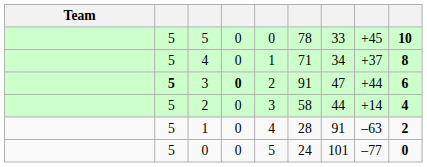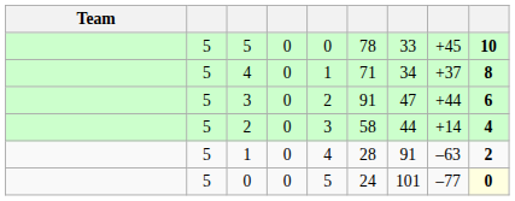 <table class="wikitable" style="text-align:center; font-size:95%;">
 <tr>
 <th width=160>Team</th>
 <th width=30></th>
 <th width=30></th>
 <th width=30></th>
 <th width=30></th>
 <th width=30></th>
 <th width=30></th>
 <th width=30></th>
 <th width=30></th>
 </tr>
 <tr bgcolor=#ccffcc>
 <td align=left></td>
 <td>5</td>
 <td>5</td>
 <td>0</td>
 <td>0</td>
 <td>78</td>
 <td>33</td>
 <td>+45</td>
 <td><strong>10</strong></td>
 </tr>
 <tr bgcolor=#ccffcc>
 <td align=left></td>
 <td>5</td>
 <td>4</td>
 <td>0</td>
 <td>1</td>
 <td>71</td>
 <td>34</td>
 <td>+37</td>
 <td><strong>8</strong></td>
 </tr>
 <tr bgcolor=#ccffcc>
 <td align=left></td>
-<td><strong>5</strong></td>
+<td>5</td>
 <td>3</td>
-<td><strong>0</strong></td>
+<td>0</td>
 <td>2</td>
 <td>91</td>
 <td>47</td>
 <td>+44</td>
 <td><strong>6</strong></td>
 </tr>
 <tr bgcolor=#ccffcc>
 <td align=left></td>
 <td>5</td>
 <td>2</td>
 <td>0</td>
 <td>3</td>
 <td>58</td>
 <td>44</td>
 <td>+14</td>
 <td><strong>4</strong></td>
 </tr>
 <tr>
 <td align=left></td>
 <td>5</td>
 <td>1</td>
 <td>0</td>
 <td>4</td>
 <td>28</td>
 <td>91</td>
 <td>–63</td>
 <td><strong>2</strong></td>
 </tr>
 <tr>
 <td align=left></td>
 <td>5</td>
 <td>0</td>
 <td>0</td>
 <td>5</td>
 <td>24</td>
 <td>101</td>
 <td>–77</td>
-<td><strong>0</strong></td>
+<td style="background: lightyellow;"><strong>0</strong></td>
 </tr>
 </table>
